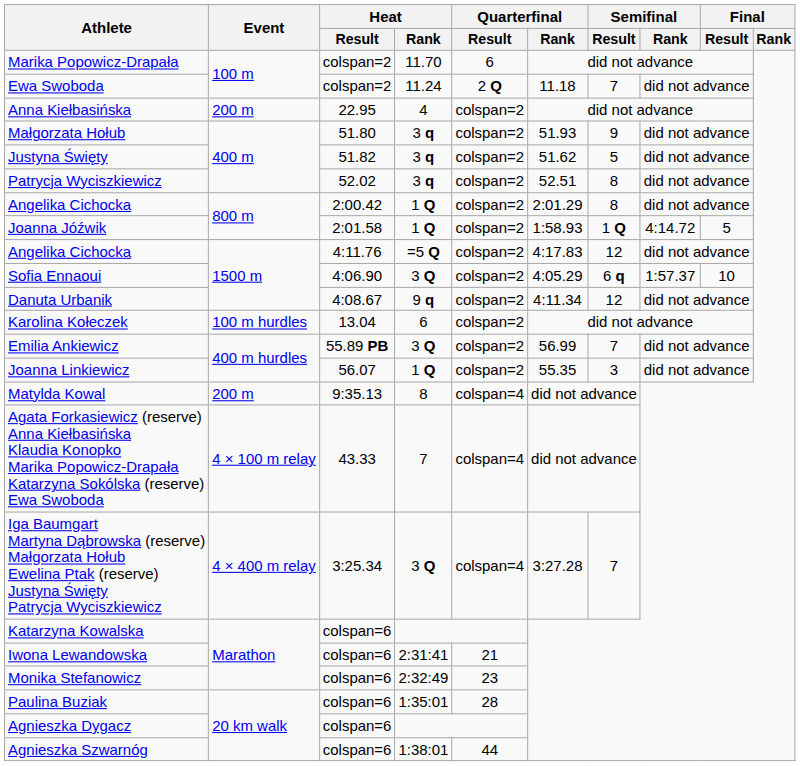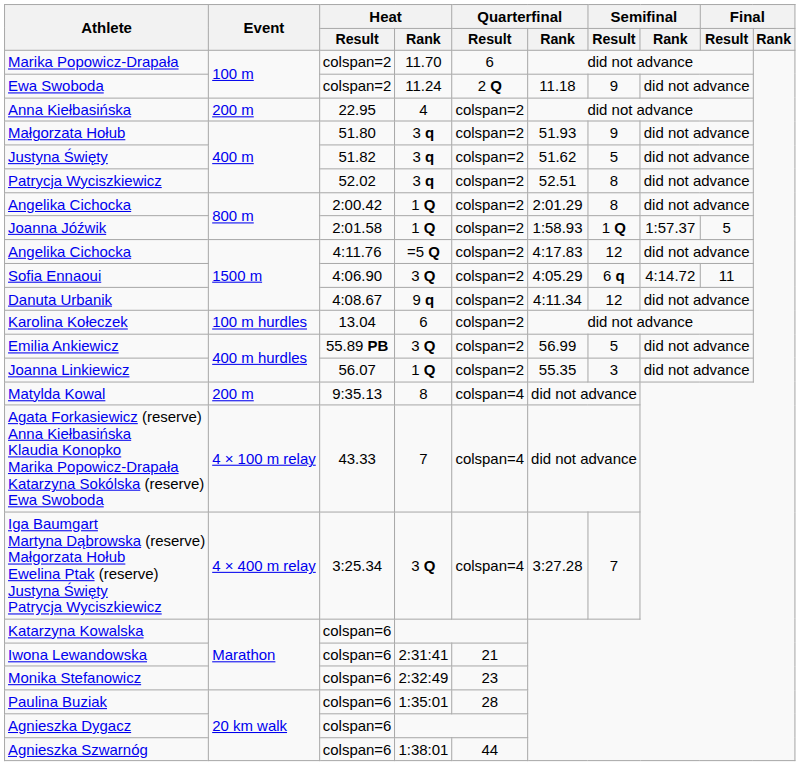 <table class="wikitable" style="font-size:90%">
 <tr>
 <th rowspan="2">Athlete</th>
 <th rowspan="2">Event</th>
 <th colspan="2">Heat</th>
 <th colspan="2">Quarterfinal</th>
 <th colspan="2">Semifinal</th>
 <th colspan="2">Final</th>
 </tr>
 <tr style="font-size:95%">
 <th>Result</th>
 <th>Rank</th>
 <th>Result</th>
 <th>Rank</th>
 <th>Result</th>
 <th>Rank</th>
 <th>Result</th>
 <th>Rank</th>
 </tr>
 <tr align=center>
 <td align=left><a href='#'>Marika Popowicz-Drapała</a></td>
 <td align=left rowspan=2><a href='#'>100 m</a></td>
 <td>colspan=2 </td>
 <td>11.70</td>
 <td>6</td>
 <td colspan=4>did not advance</td>
 </tr>
 <tr align=center>
 <td align=left><a href='#'>Ewa Swoboda</a></td>
 <td>colspan=2 </td>
 <td>11.24</td>
 <td>2 <strong>Q</strong></td>
 <td>11.18</td>
-<td>7</td>
+<td>9</td>
 <td colspan=2>did not advance</td>
 </tr>
 <tr align=center>
 <td align=left><a href='#'>Anna Kiełbasińska</a></td>
 <td align=left><a href='#'>200 m</a></td>
 <td>22.95</td>
 <td>4</td>
 <td>colspan=2 </td>
 <td colspan=4>did not advance</td>
 </tr>
 <tr align=center>
 <td align=left><a href='#'>Małgorzata Hołub</a></td>
 <td align=left rowspan=3><a href='#'>400 m</a></td>
 <td>51.80</td>
 <td>3 <strong>q</strong></td>
 <td>colspan=2 </td>
 <td>51.93</td>
 <td>9</td>
 <td colspan=2>did not advance</td>
 </tr>
 <tr align=center>
 <td align=left><a href='#'>Justyna Święty</a></td>
 <td>51.82</td>
 <td>3 <strong>q</strong></td>
 <td>colspan=2 </td>
 <td>51.62</td>
 <td>5</td>
 <td colspan=2>did not advance</td>
 </tr>
 <tr align=center>
 <td align=left><a href='#'>Patrycja Wyciszkiewicz</a></td>
 <td>52.02</td>
 <td>3 <strong>q</strong></td>
 <td>colspan=2 </td>
 <td>52.51</td>
 <td>8</td>
 <td colspan=2>did not advance</td>
 </tr>
 <tr align=center>
 <td align=left><a href='#'>Angelika Cichocka</a></td>
 <td align=left rowspan=2><a href='#'>800 m</a></td>
 <td>2:00.42</td>
 <td>1 <strong>Q</strong></td>
 <td>colspan=2 </td>
 <td>2:01.29</td>
 <td>8</td>
 <td colspan=2>did not advance</td>
 </tr>
 <tr align=center>
 <td align=left><a href='#'>Joanna Jóźwik</a></td>
 <td>2:01.58</td>
 <td>1 <strong>Q</strong></td>
 <td>colspan=2 </td>
 <td>1:58.93</td>
 <td>1 <strong>Q</strong></td>
-<td>4:14.72</td>
+<td>1:57.37</td>
 <td>5</td>
 </tr>
 <tr align=center>
 <td align=left><a href='#'>Angelika Cichocka</a></td>
 <td align=left rowspan=3><a href='#'>1500 m</a></td>
 <td>4:11.76</td>
 <td>=5 <strong>Q</strong></td>
 <td>colspan=2 </td>
 <td>4:17.83</td>
 <td>12</td>
 <td colspan=2>did not advance</td>
 </tr>
 <tr align=center>
 <td align=left><a href='#'>Sofia Ennaoui</a></td>
 <td>4:06.90</td>
 <td>3 <strong>Q</strong></td>
 <td>colspan=2 </td>
 <td>4:05.29</td>
 <td>6 <strong>q</strong></td>
-<td>1:57.37</td>
-<td>10</td>
+<td>4:14.72</td>
+<td>11</td>
 </tr>
 <tr align=center>
 <td align=left><a href='#'>Danuta Urbanik</a></td>
 <td>4:08.67</td>
 <td>9 <strong>q</strong></td>
 <td>colspan=2 </td>
 <td>4:11.34</td>
 <td>12</td>
 <td colspan=2>did not advance</td>
 </tr>
 <tr align=center>
 <td align=left><a href='#'>Karolina Kołeczek</a></td>
 <td align=left><a href='#'>100 m hurdles</a></td>
 <td>13.04</td>
 <td>6</td>
 <td>colspan=2 </td>
 <td colspan=4>did not advance</td>
 </tr>
 <tr align=center>
 <td align=left><a href='#'>Emilia Ankiewicz</a></td>
 <td align=left rowspan=2><a href='#'>400 m hurdles</a></td>
 <td>55.89 <strong>PB</strong></td>
 <td>3 <strong>Q</strong></td>
 <td>colspan=2 </td>
 <td>56.99</td>
-<td>7</td>
+<td>5</td>
 <td colspan=2>did not advance</td>
 </tr>
 <tr align=center>
 <td align=left><a href='#'>Joanna Linkiewicz</a></td>
 <td>56.07</td>
 <td>1 <strong>Q</strong></td>
 <td>colspan=2 </td>
 <td>55.35</td>
 <td>3</td>
 <td colspan=2>did not advance</td>
 </tr>
 <tr align=center>
 <td align=left><a href='#'>Matylda Kowal</a></td>
 <td align=left><a href='#'>200 m</a></td>
 <td>9:35.13</td>
 <td>8</td>
 <td>colspan=4 </td>
 <td colspan=2>did not advance</td>
 </tr>
 <tr align="center">
 <td align=left><a href='#'>Agata Forkasiewicz</a> (reserve)<br><a href='#'>Anna Kiełbasińska</a><br><a href='#'>Klaudia Konopko</a><br><a href='#'>Marika Popowicz-Drapała</a><br><a href='#'>Katarzyna Sokólska</a> (reserve)<br><a href='#'>Ewa Swoboda</a></td>
 <td align=left><a href='#'>4 × 100 m relay</a></td>
 <td>43.33</td>
 <td>7</td>
 <td>colspan=4 </td>
 <td colspan=2>did not advance</td>
 </tr>
 <tr align="center">
 <td align=left><a href='#'>Iga Baumgart</a><br><a href='#'>Martyna Dąbrowska</a> (reserve)<br><a href='#'>Małgorzata Hołub</a><br><a href='#'>Ewelina Ptak</a> (reserve)<br><a href='#'>Justyna Święty</a><br><a href='#'>Patrycja Wyciszkiewicz</a></td>
 <td align=left><a href='#'>4 × 400 m relay</a></td>
 <td>3:25.34</td>
 <td>3 <strong>Q</strong></td>
 <td>colspan=4 </td>
 <td>3:27.28</td>
 <td>7</td>
 </tr>
 <tr align=center>
 <td align=left><a href='#'>Katarzyna Kowalska</a></td>
 <td align=left rowspan=3><a href='#'>Marathon</a></td>
 <td>colspan=6 </td>
 <td colspan=2></td>
 </tr>
 <tr align=center>
 <td align=left><a href='#'>Iwona Lewandowska</a></td>
 <td>colspan=6 </td>
 <td>2:31:41</td>
 <td>21</td>
 </tr>
 <tr align=center>
 <td align=left><a href='#'>Monika Stefanowicz</a></td>
 <td>colspan=6 </td>
 <td>2:32:49</td>
 <td>23</td>
 </tr>
 <tr align=center>
 <td align=left><a href='#'>Paulina Buziak</a></td>
 <td align=left rowspan=3><a href='#'>20 km walk</a></td>
 <td>colspan=6 </td>
 <td>1:35:01</td>
 <td>28</td>
 </tr>
 <tr align=center>
 <td align=left><a href='#'>Agnieszka Dygacz</a></td>
 <td>colspan=6 </td>
 <td colspan=2></td>
 </tr>
 <tr align=center>
 <td align=left><a href='#'>Agnieszka Szwarnóg</a></td>
 <td>colspan=6 </td>
 <td>1:38:01</td>
 <td>44</td>
 </tr>
 </table>
